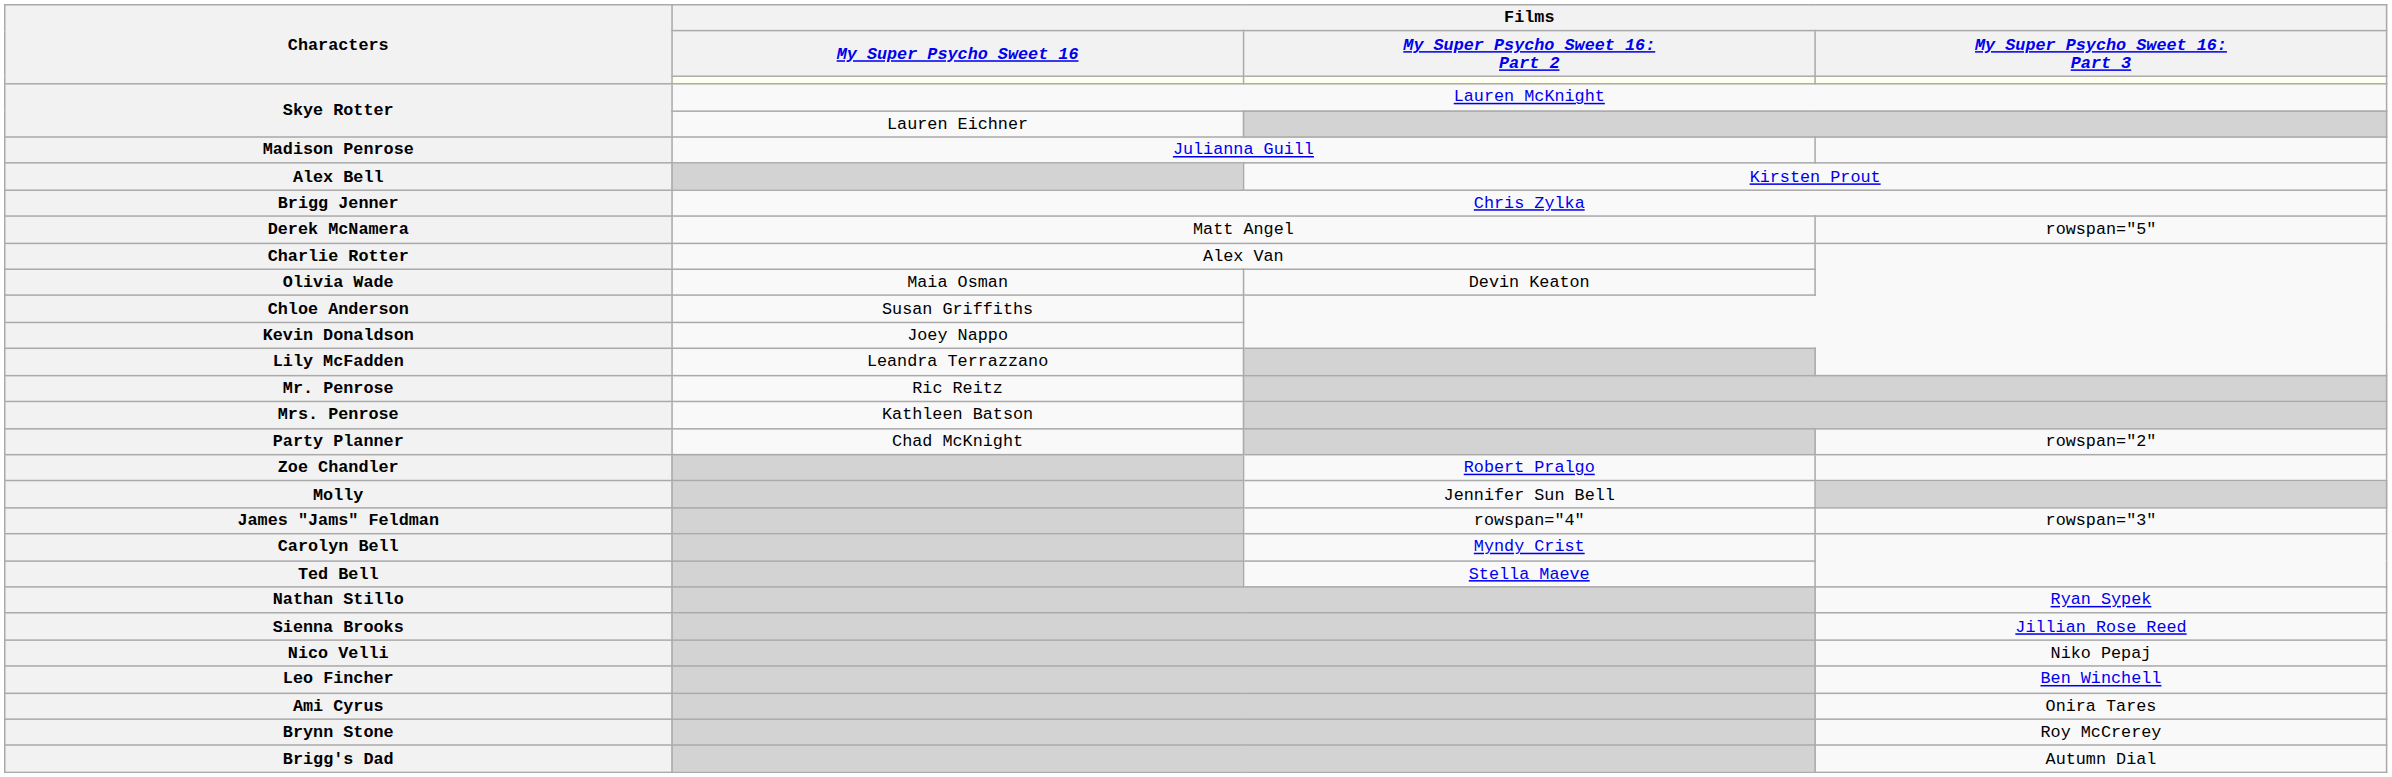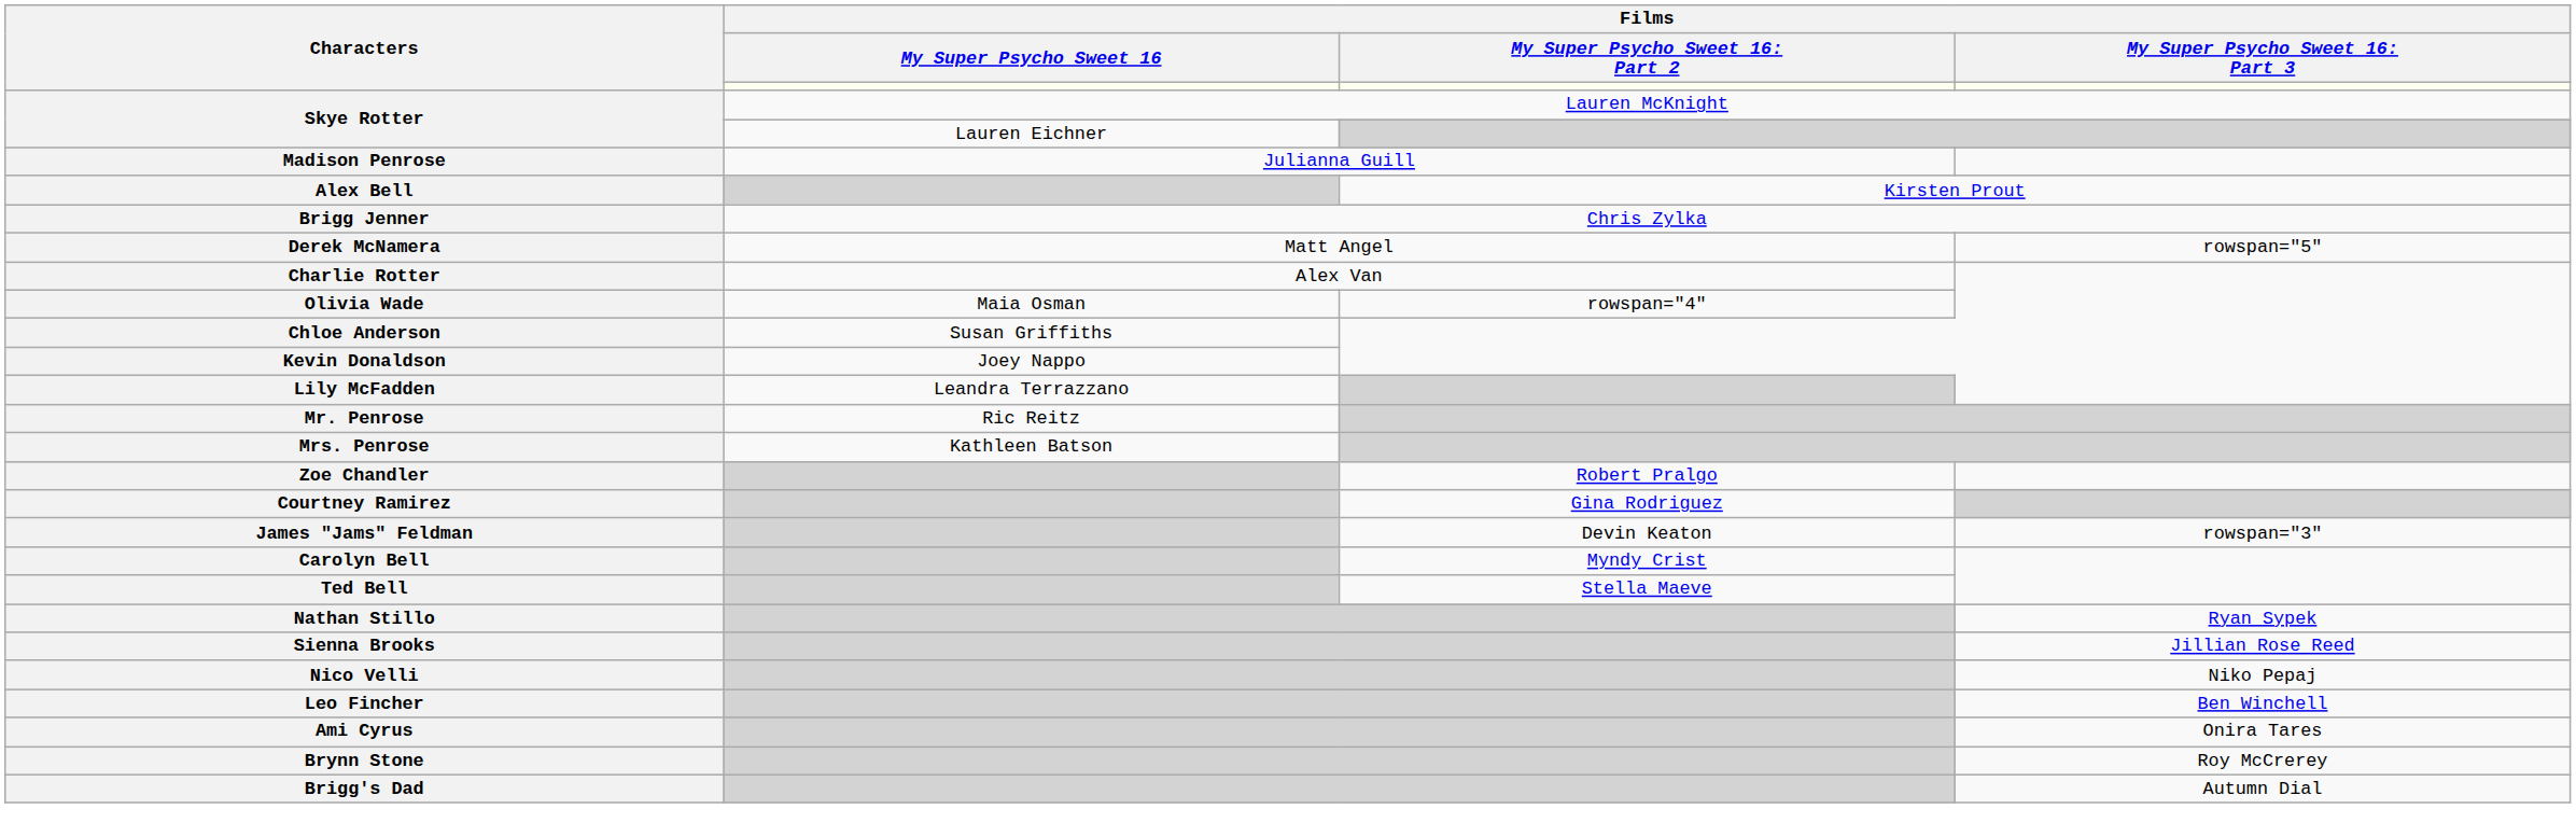 <table class="wikitable" style="text-align:center; width:99%; font-size:85%">
 <tr>
 <th rowspan="3" style="width:14%;">Characters</th>
 <th colspan="3">Films</th>
 </tr>
 <tr>
 <th style="width:12%;"><em><a href='#'>My Super Psycho Sweet 16</a></em></th>
 <th style="width:12%;"><em><a href='#'>My Super Psycho Sweet 16: <br> Part 2</a></em></th>
 <th style="width:12%;"><em><a href='#'>My Super Psycho Sweet 16: <br> Part 3</a></em></th>
 </tr>
 <tr>
 <th style="background:ivory;"></th>
 <th style="background:ivory;"></th>
 <th style="background:ivory;"></th>
 </tr>
 <tr>
 <th rowspan="2">Skye Rotter</th>
 <td colspan="3"><a href='#'>Lauren McKnight</a></td>
 </tr>
 <tr>
 <td>Lauren Eichner</td>
 <td colspan="2" style="background:lightgrey;"> </td>
 </tr>
 <tr>
 <th>Madison Penrose</th>
 <td colspan="2"><a href='#'>Julianna Guill</a></td>
 <td></td>
 </tr>
 <tr>
 <th>Alex Bell</th>
 <td style="background:lightgrey;"> </td>
 <td colspan="2"><a href='#'>Kirsten Prout</a></td>
 </tr>
 <tr>
 <th>Brigg Jenner</th>
 <td colspan="3"><a href='#'>Chris Zylka</a></td>
 </tr>
 <tr>
 <th>Derek McNamera</th>
 <td colspan="2">Matt Angel</td>
 <td>rowspan="5" </td>
 </tr>
 <tr>
 <th>Charlie Rotter</th>
 <td colspan="2">Alex Van</td>
 </tr>
 <tr>
 <th>Olivia Wade</th>
 <td>Maia Osman</td>
-<td>Devin Keaton</td>
+<td>rowspan="4" </td>
 </tr>
 <tr>
 <th>Chloe Anderson</th>
 <td>Susan Griffiths</td>
 </tr>
 <tr>
 <th>Kevin Donaldson</th>
 <td>Joey Nappo</td>
 </tr>
 <tr>
 <th>Lily McFadden</th>
 <td>Leandra Terrazzano</td>
 <td style="background:lightgrey;"> </td>
 </tr>
 <tr>
 <th>Mr. Penrose</th>
 <td>Ric Reitz</td>
 <td colspan="2" style="background:lightgrey;"> </td>
 </tr>
 <tr>
 <th>Mrs. Penrose</th>
 <td>Kathleen Batson</td>
 <td colspan="2" style="background:lightgrey;"> </td>
 </tr>
 <tr>
-<th>Party Planner</th>
-<td>Chad McKnight</td>
-<td style="background:lightgrey;"> </td>
-<td>rowspan="2" </td>
-</tr>
-<tr>
 <th>Zoe Chandler</th>
 <td style="background:lightgrey;"> </td>
 <td><a href='#'>Robert Pralgo</a></td>
 </tr>
 <tr>
-<th>Molly</th>
+<th>Courtney Ramirez</th>
 <td style="background:lightgrey;"> </td>
-<td>Jennifer Sun Bell</td>
+<td><a href='#'>Gina Rodriguez</a></td>
 <td style="background:lightgrey;"> </td>
 </tr>
 <tr>
 <th>James "Jams" Feldman</th>
 <td style="background:lightgrey;"> </td>
-<td>rowspan="4" </td>
+<td>Devin Keaton</td>
 <td>rowspan="3" </td>
 </tr>
 <tr>
 <th>Carolyn Bell</th>
 <td style="background:lightgrey;"> </td>
 <td><a href='#'>Myndy Crist</a></td>
 </tr>
 <tr>
 <th>Ted Bell</th>
 <td style="background:lightgrey;"> </td>
 <td><a href='#'>Stella Maeve</a></td>
 </tr>
 <tr>
 <th>Nathan Stillo</th>
 <td colspan="2" style="background:lightgrey;"> </td>
 <td><a href='#'>Ryan Sypek</a></td>
 </tr>
 <tr>
 <th>Sienna Brooks</th>
 <td colspan="2" style="background:lightgrey;"> </td>
 <td><a href='#'>Jillian Rose Reed</a></td>
 </tr>
 <tr>
 <th>Nico Velli</th>
 <td colspan="2" style="background:lightgrey;"> </td>
 <td>Niko Pepaj</td>
 </tr>
 <tr>
 <th>Leo Fincher</th>
 <td colspan="2" style="background:lightgrey;"> </td>
 <td><a href='#'>Ben Winchell</a></td>
 </tr>
 <tr>
 <th>Ami Cyrus</th>
 <td colspan="2" style="background:lightgrey;"> </td>
 <td>Onira Tares</td>
 </tr>
 <tr>
 <th>Brynn Stone</th>
 <td colspan="2" style="background:lightgrey;"> </td>
 <td>Roy McCrerey</td>
 </tr>
 <tr>
 <th>Brigg's Dad</th>
 <td colspan="2" style="background:lightgrey;"> </td>
 <td>Autumn Dial</td>
 </tr>
 </table>
